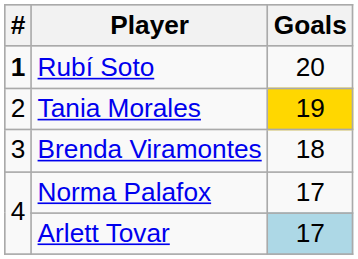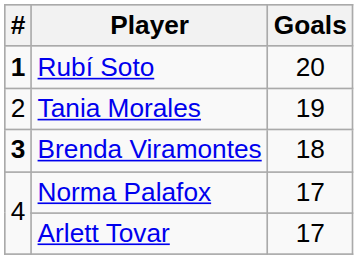 <table class="wikitable" style="text-align:center;">
 <tr>
 <th>#</th>
 <th>Player</th>
 <th>Goals</th>
 </tr>
 <tr>
 <td><strong>1</strong></td>
 <td align=left> <a href='#'>Rubí Soto</a></td>
 <td>20</td>
 </tr>
 <tr>
 <td>2</td>
 <td align=left> <a href='#'>Tania Morales</a></td>
-<td style="background: gold;">19</td>
+<td>19</td>
 </tr>
 <tr>
-<td>3</td>
+<td><strong>3</strong></td>
 <td align=left> <a href='#'>Brenda Viramontes</a></td>
 <td>18</td>
 </tr>
 <tr>
 <td rowspan=2>4</td>
 <td align=left> <a href='#'>Norma Palafox</a></td>
 <td>17</td>
 </tr>
 <tr>
 <td align=left> <a href='#'>Arlett Tovar</a></td>
-<td style="background: lightblue;">17</td>
+<td>17</td>
 </tr>
 </table>
